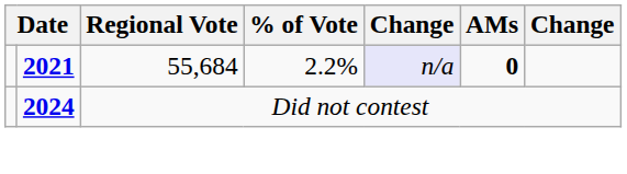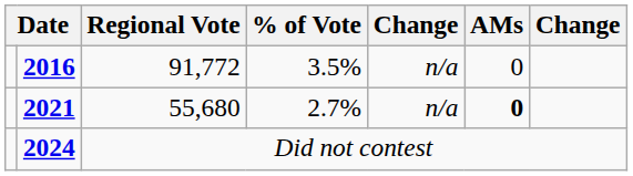 <table class="wikitable sortable" style="text-align: right">
 <tr>
 <th colspan="2">Date</th>
 <th>Regional Vote</th>
 <th>% of Vote</th>
 <th>Change</th>
 <th>AMs</th>
 <th>Change</th>
 </tr>
 <tr>
 <td></td>
+<td><a href='#'><strong>2016</strong></a></td>
+<td>91,772</td>
+<td>3.5%</td>
+<td><em>n/a</em></td>
+<td>0</td>
+<td></td>
+</tr>
+<tr>
+<td></td>
 <td><a href='#'><strong>2021</strong></a></td>
-<td>55,684</td>
-<td>2.2%</td>
-<td style="background: lavender;"><em>n/a</em></td>
+<td>55,680</td>
+<td>2.7%</td>
+<td><em>n/a</em></td>
 <td><strong>0</strong></td>
 <td></td>
 </tr>
 <tr>
 <td></td>
 <td><a href='#'><strong>2024</strong></a></td>
 <td colspan=5 align=center><em>Did not contest</em></td>
 </tr>
 </table>
